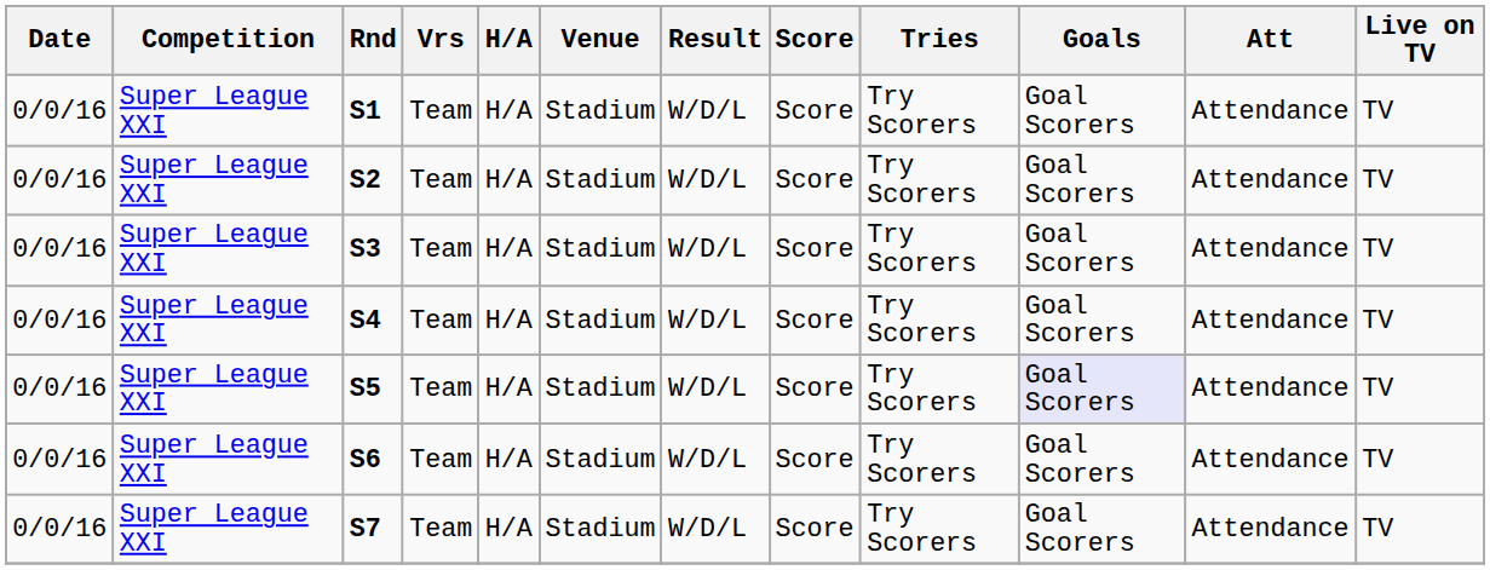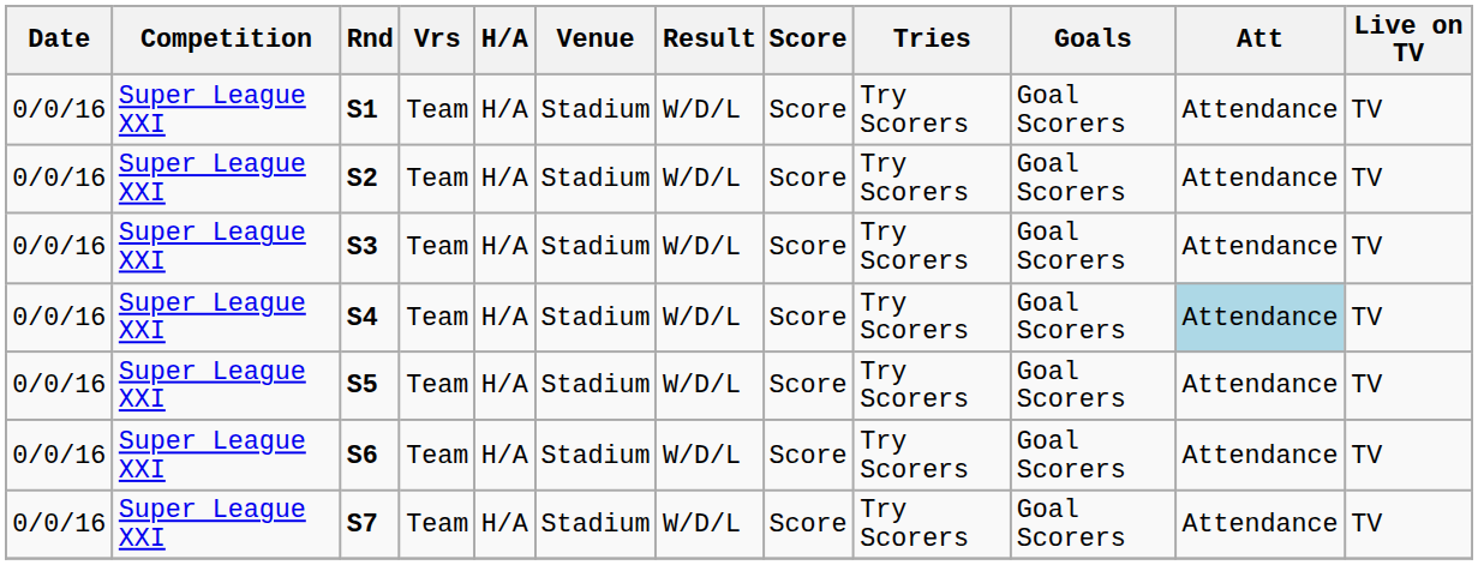 <table class="wikitable" style="font-size:85%;" width="100%">
 <tr>
 <th>Date</th>
 <th>Competition</th>
 <th>Rnd</th>
 <th>Vrs</th>
 <th>H/A</th>
 <th>Venue</th>
 <th>Result</th>
 <th>Score</th>
 <th>Tries</th>
 <th>Goals</th>
 <th>Att</th>
 <th>Live on TV</th>
 </tr>
 <tr>
 <td>0/0/16</td>
 <td><a href='#'>Super League XXI</a></td>
 <td><strong>S1</strong></td>
 <td>Team</td>
 <td>H/A</td>
 <td>Stadium</td>
 <td>W/D/L</td>
 <td>Score</td>
 <td>Try Scorers</td>
 <td>Goal Scorers</td>
 <td>Attendance</td>
 <td>TV</td>
 </tr>
 <tr>
 <td>0/0/16</td>
 <td><a href='#'>Super League XXI</a></td>
 <td><strong>S2</strong></td>
 <td>Team</td>
 <td>H/A</td>
 <td>Stadium</td>
 <td>W/D/L</td>
 <td>Score</td>
 <td>Try Scorers</td>
 <td>Goal Scorers</td>
 <td>Attendance</td>
 <td>TV</td>
 </tr>
 <tr>
 <td>0/0/16</td>
 <td><a href='#'>Super League XXI</a></td>
 <td><strong>S3</strong></td>
 <td>Team</td>
 <td>H/A</td>
 <td>Stadium</td>
 <td>W/D/L</td>
 <td>Score</td>
 <td>Try Scorers</td>
 <td>Goal Scorers</td>
 <td>Attendance</td>
 <td>TV</td>
 </tr>
 <tr>
 <td>0/0/16</td>
 <td><a href='#'>Super League XXI</a></td>
 <td><strong>S4</strong></td>
 <td>Team</td>
 <td>H/A</td>
 <td>Stadium</td>
 <td>W/D/L</td>
 <td>Score</td>
 <td>Try Scorers</td>
 <td>Goal Scorers</td>
-<td>Attendance</td>
+<td style="background: lightblue;">Attendance</td>
 <td>TV</td>
 </tr>
 <tr>
 <td>0/0/16</td>
 <td><a href='#'>Super League XXI</a></td>
 <td><strong>S5</strong></td>
 <td>Team</td>
 <td>H/A</td>
 <td>Stadium</td>
 <td>W/D/L</td>
 <td>Score</td>
 <td>Try Scorers</td>
-<td style="background: lavender;">Goal Scorers</td>
+<td>Goal Scorers</td>
 <td>Attendance</td>
 <td>TV</td>
 </tr>
 <tr>
 <td>0/0/16</td>
 <td><a href='#'>Super League XXI</a></td>
 <td><strong>S6</strong></td>
 <td>Team</td>
 <td>H/A</td>
 <td>Stadium</td>
 <td>W/D/L</td>
 <td>Score</td>
 <td>Try Scorers</td>
 <td>Goal Scorers</td>
 <td>Attendance</td>
 <td>TV</td>
 </tr>
 <tr>
 <td>0/0/16</td>
 <td><a href='#'>Super League XXI</a></td>
 <td><strong>S7</strong></td>
 <td>Team</td>
 <td>H/A</td>
 <td>Stadium</td>
 <td>W/D/L</td>
 <td>Score</td>
 <td>Try Scorers</td>
 <td>Goal Scorers</td>
 <td>Attendance</td>
 <td>TV</td>
 </tr>
 <tr>
 </tr>
 </table>
